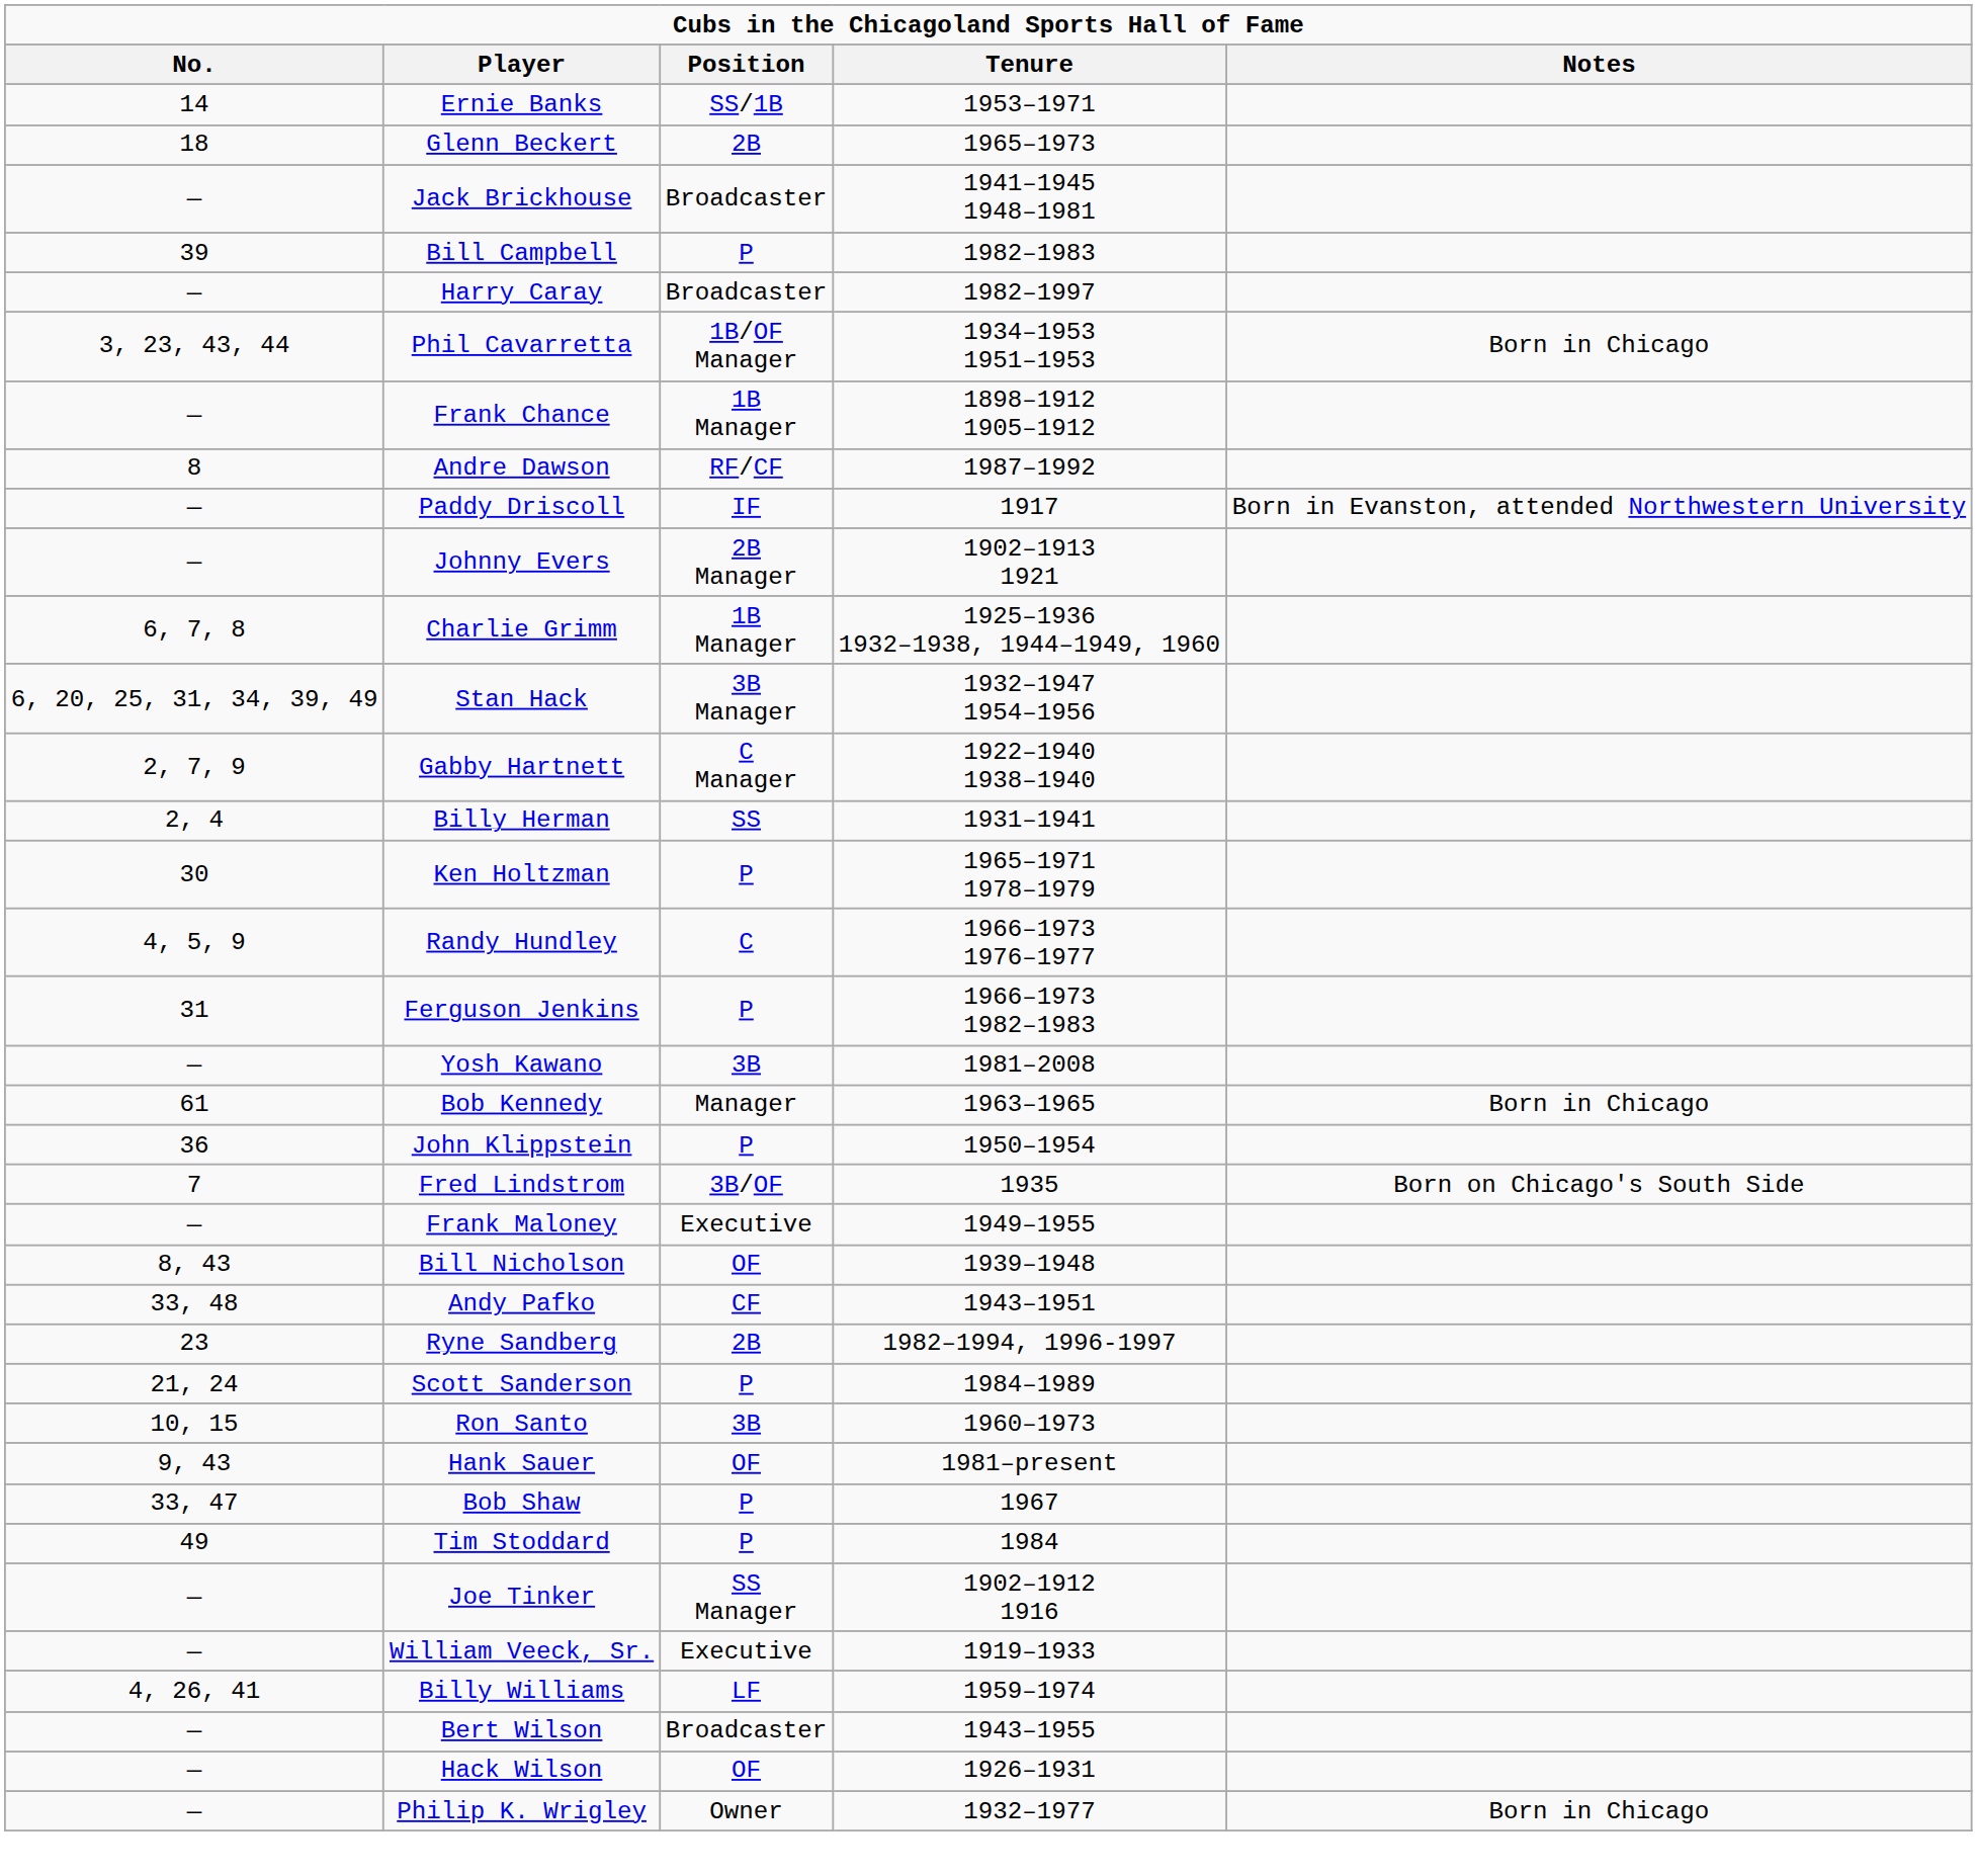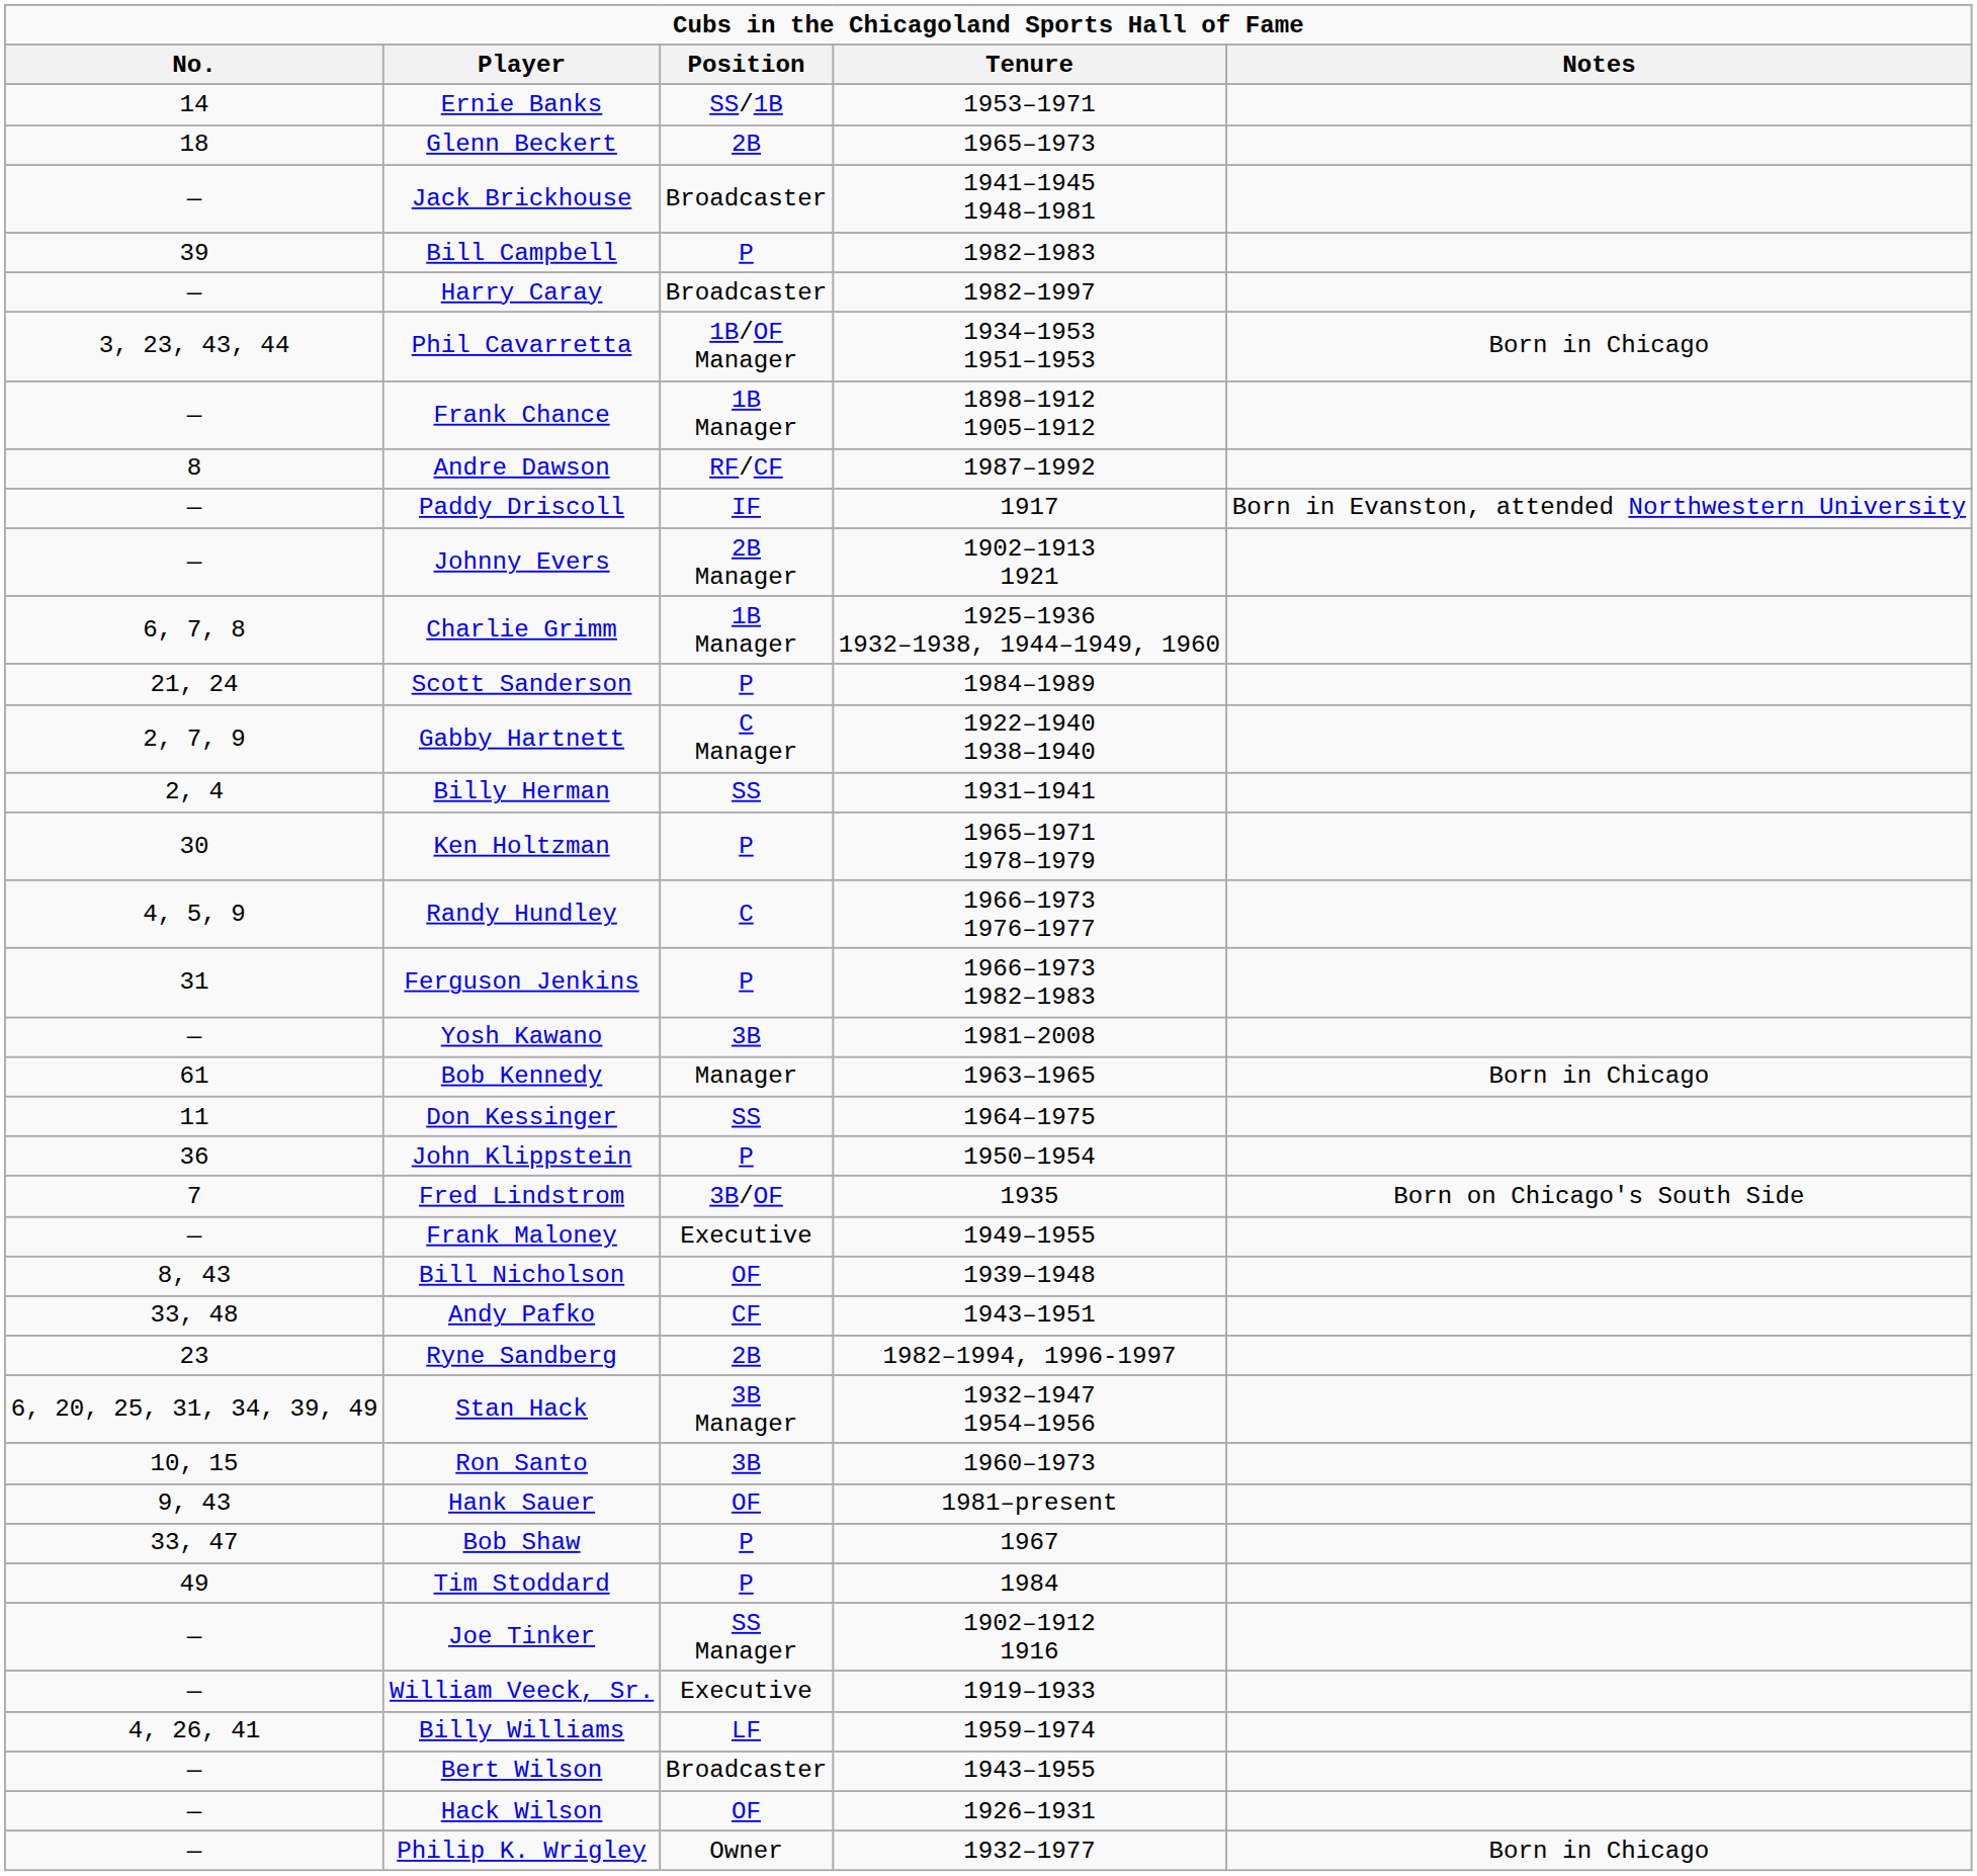 <table class="wikitable" style="text-align:center">
 <tr>
 <td colspan="5"><strong>Cubs in the Chicagoland Sports Hall of Fame</strong></td>
 </tr>
 <tr>
 <th>No.</th>
 <th>Player</th>
 <th>Position</th>
 <th>Tenure</th>
 <th>Notes</th>
 </tr>
 <tr>
 <td>14</td>
 <td><a href='#'>Ernie Banks</a></td>
 <td><a href='#'>SS</a>/<a href='#'>1B</a></td>
 <td>1953–1971</td>
 <td></td>
 </tr>
 <tr>
 <td>18</td>
 <td><a href='#'>Glenn Beckert</a></td>
 <td><a href='#'>2B</a></td>
 <td>1965–1973</td>
 <td></td>
 </tr>
 <tr>
 <td>—</td>
 <td><a href='#'>Jack Brickhouse</a></td>
 <td>Broadcaster</td>
 <td>1941–1945<br>1948–1981</td>
 <td></td>
 </tr>
 <tr>
 <td>39</td>
 <td><a href='#'>Bill Campbell</a></td>
 <td><a href='#'>P</a></td>
 <td>1982–1983</td>
 <td></td>
 </tr>
 <tr>
 <td>—</td>
 <td><a href='#'>Harry Caray</a></td>
 <td>Broadcaster</td>
 <td>1982–1997</td>
 <td></td>
 </tr>
 <tr>
 <td>3, 23, 43, 44</td>
 <td><a href='#'>Phil Cavarretta</a></td>
 <td><a href='#'>1B</a>/<a href='#'>OF</a><br>Manager</td>
 <td>1934–1953<br>1951–1953</td>
 <td>Born in Chicago</td>
 </tr>
 <tr>
 <td>—</td>
 <td><a href='#'>Frank Chance</a></td>
 <td><a href='#'>1B</a><br>Manager</td>
 <td>1898–1912<br>1905–1912</td>
 <td></td>
 </tr>
 <tr>
 <td>8</td>
 <td><a href='#'>Andre Dawson</a></td>
 <td><a href='#'>RF</a>/<a href='#'>CF</a></td>
 <td>1987–1992</td>
 <td></td>
 </tr>
 <tr>
 <td>—</td>
 <td><a href='#'>Paddy Driscoll</a></td>
 <td><a href='#'>IF</a></td>
 <td>1917</td>
 <td>Born in Evanston, attended <a href='#'>Northwestern University</a></td>
 </tr>
 <tr>
 <td>—</td>
 <td><a href='#'>Johnny Evers</a></td>
 <td><a href='#'>2B</a><br>Manager</td>
 <td>1902–1913<br>1921</td>
 <td></td>
 </tr>
 <tr>
 <td>6, 7, 8</td>
 <td><a href='#'>Charlie Grimm</a></td>
 <td><a href='#'>1B</a><br>Manager</td>
 <td>1925–1936<br>1932–1938, 1944–1949, 1960</td>
 <td></td>
 </tr>
 <tr>
-<td>6, 20, 25, 31, 34, 39, 49</td>
-<td><a href='#'>Stan Hack</a></td>
-<td><a href='#'>3B</a><br>Manager</td>
-<td>1932–1947<br>1954–1956</td>
+<td>21, 24</td>
+<td><a href='#'>Scott Sanderson</a></td>
+<td><a href='#'>P</a></td>
+<td>1984–1989</td>
 <td></td>
 </tr>
 <tr>
 <td>2, 7, 9</td>
 <td><a href='#'>Gabby Hartnett</a></td>
 <td><a href='#'>C</a><br>Manager</td>
 <td>1922–1940<br>1938–1940</td>
 <td></td>
 </tr>
 <tr>
 <td>2, 4</td>
 <td><a href='#'>Billy Herman</a></td>
 <td><a href='#'>SS</a></td>
 <td>1931–1941</td>
 <td></td>
 </tr>
 <tr>
 <td>30</td>
 <td><a href='#'>Ken Holtzman</a></td>
 <td><a href='#'>P</a></td>
 <td>1965–1971<br>1978–1979</td>
 <td></td>
 </tr>
 <tr>
 <td>4, 5, 9</td>
 <td><a href='#'>Randy Hundley</a></td>
 <td><a href='#'>C</a></td>
 <td>1966–1973<br>1976–1977</td>
 <td></td>
 </tr>
 <tr>
 <td>31</td>
 <td><a href='#'>Ferguson Jenkins</a></td>
 <td><a href='#'>P</a></td>
 <td>1966–1973<br>1982–1983</td>
 <td></td>
 </tr>
 <tr>
 <td>—</td>
 <td><a href='#'>Yosh Kawano</a></td>
 <td><a href='#'>3B</a></td>
 <td>1981–2008</td>
 <td></td>
 </tr>
 <tr>
 <td>61</td>
 <td><a href='#'>Bob Kennedy</a></td>
 <td>Manager</td>
 <td>1963–1965</td>
 <td>Born in Chicago</td>
 </tr>
 <tr>
+<td>11</td>
+<td><a href='#'>Don Kessinger</a></td>
+<td><a href='#'>SS</a></td>
+<td>1964–1975</td>
+<td></td>
+</tr>
+<tr>
 <td>36</td>
 <td><a href='#'>John Klippstein</a></td>
 <td><a href='#'>P</a></td>
 <td>1950–1954</td>
 <td></td>
 </tr>
 <tr>
 <td>7</td>
 <td><a href='#'>Fred Lindstrom</a></td>
 <td><a href='#'>3B</a>/<a href='#'>OF</a></td>
 <td>1935</td>
 <td>Born on Chicago's South Side</td>
 </tr>
 <tr>
 <td>—</td>
 <td><a href='#'>Frank Maloney</a></td>
 <td>Executive</td>
 <td>1949–1955</td>
 <td></td>
 </tr>
 <tr>
 <td>8, 43</td>
 <td><a href='#'>Bill Nicholson</a></td>
 <td><a href='#'>OF</a></td>
 <td>1939–1948</td>
 <td></td>
 </tr>
 <tr>
 <td>33, 48</td>
 <td><a href='#'>Andy Pafko</a></td>
 <td><a href='#'>CF</a></td>
 <td>1943–1951</td>
 <td></td>
 </tr>
 <tr>
 <td>23</td>
 <td><a href='#'>Ryne Sandberg</a></td>
 <td><a href='#'>2B</a></td>
 <td>1982–1994, 1996-1997</td>
 <td></td>
 </tr>
 <tr>
-<td>21, 24</td>
-<td><a href='#'>Scott Sanderson</a></td>
-<td><a href='#'>P</a></td>
-<td>1984–1989</td>
+<td>6, 20, 25, 31, 34, 39, 49</td>
+<td><a href='#'>Stan Hack</a></td>
+<td><a href='#'>3B</a><br>Manager</td>
+<td>1932–1947<br>1954–1956</td>
 <td></td>
 </tr>
 <tr>
 <td>10, 15</td>
 <td><a href='#'>Ron Santo</a></td>
 <td><a href='#'>3B</a></td>
 <td>1960–1973</td>
 <td></td>
 </tr>
 <tr>
 <td>9, 43</td>
 <td><a href='#'>Hank Sauer</a></td>
 <td><a href='#'>OF</a></td>
 <td>1981–present</td>
 <td></td>
 </tr>
 <tr>
 <td>33, 47</td>
 <td><a href='#'>Bob Shaw</a></td>
 <td><a href='#'>P</a></td>
 <td>1967</td>
 <td></td>
 </tr>
 <tr>
 <td>49</td>
 <td><a href='#'>Tim Stoddard</a></td>
 <td><a href='#'>P</a></td>
 <td>1984</td>
 <td></td>
 </tr>
 <tr>
 <td>—</td>
 <td><a href='#'>Joe Tinker</a></td>
 <td><a href='#'>SS</a><br>Manager</td>
 <td>1902–1912<br>1916</td>
 <td></td>
 </tr>
 <tr>
 <td>—</td>
 <td><a href='#'>William Veeck, Sr.</a></td>
 <td>Executive</td>
 <td>1919–1933</td>
 <td></td>
 </tr>
 <tr>
 <td>4, 26, 41</td>
 <td><a href='#'>Billy Williams</a></td>
 <td><a href='#'>LF</a></td>
 <td>1959–1974</td>
 <td></td>
 </tr>
 <tr>
 <td>—</td>
 <td><a href='#'>Bert Wilson</a></td>
 <td>Broadcaster</td>
 <td>1943–1955</td>
 <td></td>
 </tr>
 <tr>
 <td>—</td>
 <td><a href='#'>Hack Wilson</a></td>
 <td><a href='#'>OF</a></td>
 <td>1926–1931</td>
 <td></td>
 </tr>
 <tr>
 <td>—</td>
 <td><a href='#'>Philip K. Wrigley</a></td>
 <td>Owner</td>
 <td>1932–1977</td>
 <td>Born in Chicago</td>
 </tr>
 </table>
